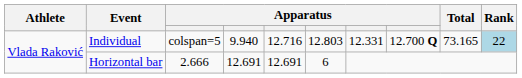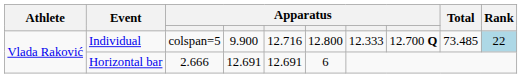 <table class="wikitable" style="text-align:center;font-size:90%">
 <tr>
 <th rowspan=2>Athlete</th>
 <th rowspan=2>Event</th>
 <th colspan=6>Apparatus</th>
 <th rowspan=2>Total</th>
 <th rowspan=2>Rank</th>
 </tr>
 <tr style="font-size:95%">
 <th></th>
 <th></th>
 <th></th>
 <th></th>
 <th></th>
 <th></th>
 </tr>
 <tr align=center>
 <td align=left rowspan=2><a href='#'>Vlada Raković</a></td>
 <td align=left><a href='#'>Individual</a></td>
 <td>colspan=5 </td>
-<td>9.940</td>
+<td>9.900</td>
 <td>12.716</td>
-<td>12.803</td>
-<td>12.331</td>
+<td>12.800</td>
+<td>12.333</td>
 <td>12.700 <strong>Q</strong></td>
-<td>73.165</td>
+<td>73.485</td>
 <td style="background: lightblue;">22</td>
 </tr>
 <tr align=center>
 <td align=left><a href='#'>Horizontal bar</a></td>
 <td>2.666</td>
 <td>12.691</td>
 <td>12.691</td>
 <td>6</td>
 </tr>
 </table>
